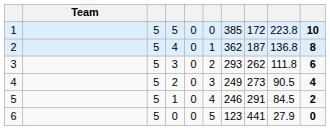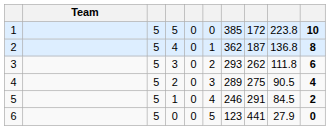 <table class=wikitable style=text-align:center>
 <tr>
 <th style="width:20px;" abbr="Position"></th>
 <th width=175>Team</th>
 <th style="width:20px;" abbr="Played"></th>
 <th style="width:20px;" abbr="Won"></th>
 <th style="width:20px;" abbr="Drawn"></th>
 <th style="width:20px;" abbr="Lost"></th>
 <th style="width:20px;" abbr="Goals" for></th>
 <th style="width:20px;" abbr="Goals" against></th>
 <th style="width:20px;" abbr="Goal" percentage></th>
 <th style="width:30px;" abbr="Points"></th>
 </tr>
 <tr style="background:#def;">
 <td>1 </td>
 <td align=left></td>
 <td>5</td>
 <td>5</td>
 <td>0</td>
 <td>0</td>
 <td>385</td>
 <td>172</td>
 <td>223.8</td>
 <td><strong>10</strong></td>
 </tr>
 <tr style="background:#def;">
 <td>2 </td>
 <td align=left></td>
 <td>5</td>
 <td>4</td>
 <td>0</td>
 <td>1</td>
 <td>362</td>
 <td>187</td>
 <td>136.8</td>
 <td><strong>8</strong></td>
 </tr>
 <tr>
 <td>3 </td>
 <td align=left></td>
 <td>5</td>
 <td>3</td>
 <td>0</td>
 <td>2</td>
 <td>293</td>
 <td>262</td>
 <td>111.8</td>
 <td><strong>6</strong></td>
 </tr>
 <tr>
 <td>4 </td>
 <td align=left></td>
 <td>5</td>
 <td>2</td>
 <td>0</td>
 <td>3</td>
-<td>249</td>
-<td>273</td>
+<td>289</td>
+<td>275</td>
 <td>90.5</td>
 <td><strong>4</strong></td>
 </tr>
 <tr>
 <td>5 </td>
 <td align=left></td>
 <td>5</td>
 <td>1</td>
 <td>0</td>
 <td>4</td>
 <td>246</td>
 <td>291</td>
 <td>84.5</td>
 <td><strong>2</strong></td>
 </tr>
 <tr>
 <td>6 </td>
 <td align=left></td>
 <td>5</td>
 <td>0</td>
 <td>0</td>
 <td>5</td>
 <td>123</td>
 <td>441</td>
 <td>27.9</td>
 <td><strong>0</strong></td>
 </tr>
 </table>
